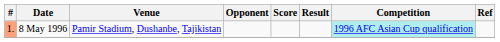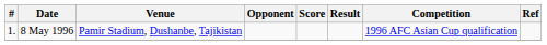 <table class="wikitable" style="font-size:95%;">
 <tr>
 <th>#</th>
 <th>Date</th>
 <th>Venue</th>
 <th>Opponent</th>
 <th>Score</th>
 <th>Result</th>
 <th>Competition</th>
 <th>Ref</th>
 </tr>
 <tr>
-<td style="background: lightsalmon;">1.</td>
+<td>1.</td>
 <td>8 May 1996</td>
 <td><a href='#'>Pamir Stadium</a>, <a href='#'>Dushanbe</a>, <a href='#'>Tajikistan</a></td>
 <td></td>
 <td></td>
 <td></td>
-<td style="background: paleturquoise;"><a href='#'>1996 AFC Asian Cup qualification</a></td>
+<td><a href='#'>1996 AFC Asian Cup qualification</a></td>
 <td></td>
 </tr>
 <tr>
 </tr>
 </table>
